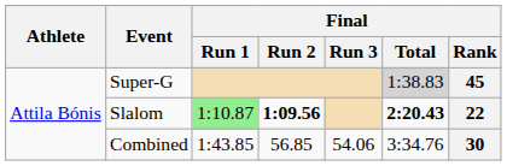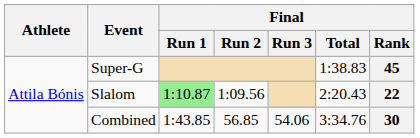 <table class="wikitable" style="font-size:90%">
 <tr>
 <th rowspan="2">Athlete</th>
 <th rowspan="2">Event</th>
 <th colspan="5">Final</th>
 </tr>
 <tr>
 <th>Run 1</th>
 <th>Run 2</th>
 <th>Run 3</th>
 <th>Total</th>
 <th>Rank</th>
 </tr>
 <tr>
 <td rowspan=3><a href='#'>Attila Bónis</a></td>
 <td>Super-G</td>
 <td colspan=3 bgcolor="wheat"></td>
-<td align="center" style="background: lightgrey;">1:38.83</td>
+<td align="center">1:38.83</td>
 <th align="center">45</th>
 </tr>
 <tr>
 <td>Slalom</td>
 <td align="center" style="background: lightgreen;">1:10.87</td>
-<td align="center"><strong>1:09.56</strong></td>
+<td align="center">1:09.56</td>
 <td bgcolor="wheat"></td>
-<td align="center"><strong>2:20.43</strong></td>
+<td align="center">2:20.43</td>
 <th align="center">22</th>
 </tr>
 <tr>
 <td>Combined</td>
 <td align="center">1:43.85</td>
 <td align="center">56.85</td>
 <td align="center">54.06</td>
 <td align="center">3:34.76</td>
 <th align="center">30</th>
 </tr>
 </table>
